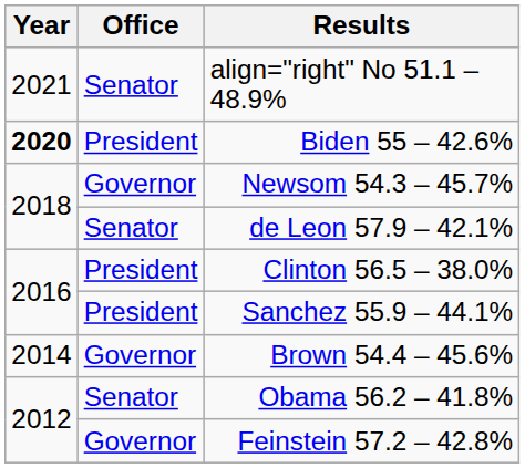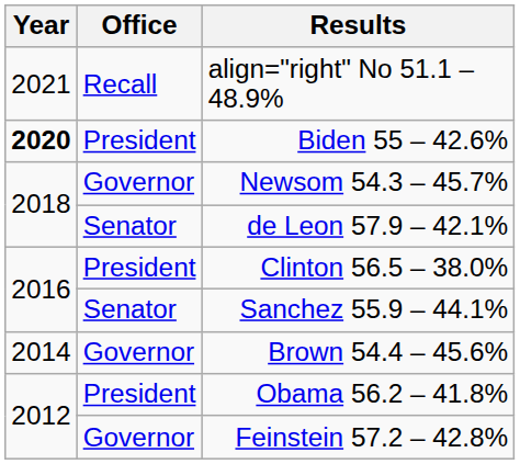 <table class=wikitable>
 <tr>
 <th width="30">Year</th>
 <th width="60">Office</th>
 <th width="180">Results</th>
 </tr>
 <tr>
 <td>2021</td>
-<td><a href='#'>Senator</a></td>
+<td><a href='#'>Recall</a></td>
 <td>align="right"  No 51.1 – 48.9%</td>
 </tr>
 <tr>
 <td><strong>2020</strong></td>
 <td><a href='#'>President</a></td>
 <td align="right" ><a href='#'>Biden</a> 55 – 42.6%</td>
 </tr>
 <tr>
 <td rowspan="2">2018</td>
 <td><a href='#'>Governor</a></td>
 <td align="right" ><a href='#'>Newsom</a> 54.3 – 45.7%</td>
 </tr>
 <tr>
 <td><a href='#'>Senator</a></td>
 <td align="right" ><a href='#'>de Leon</a> 57.9 – 42.1%</td>
 </tr>
 <tr>
 <td rowspan="2">2016</td>
 <td><a href='#'>President</a></td>
 <td align="right" ><a href='#'>Clinton</a> 56.5 – 38.0%</td>
 </tr>
 <tr>
-<td><a href='#'>President</a></td>
+<td><a href='#'>Senator</a></td>
 <td align="right" ><a href='#'>Sanchez</a> 55.9 – 44.1%</td>
 </tr>
 <tr>
 <td>2014</td>
 <td><a href='#'>Governor</a></td>
 <td align="right" ><a href='#'>Brown</a> 54.4 – 45.6%</td>
 </tr>
 <tr>
 <td rowspan="2">2012</td>
-<td><a href='#'>Senator</a></td>
+<td><a href='#'>President</a></td>
 <td align="right" ><a href='#'>Obama</a> 56.2 – 41.8%</td>
 </tr>
 <tr>
 <td><a href='#'>Governor</a></td>
 <td align="right" ><a href='#'>Feinstein</a> 57.2 – 42.8%</td>
 </tr>
 </table>
